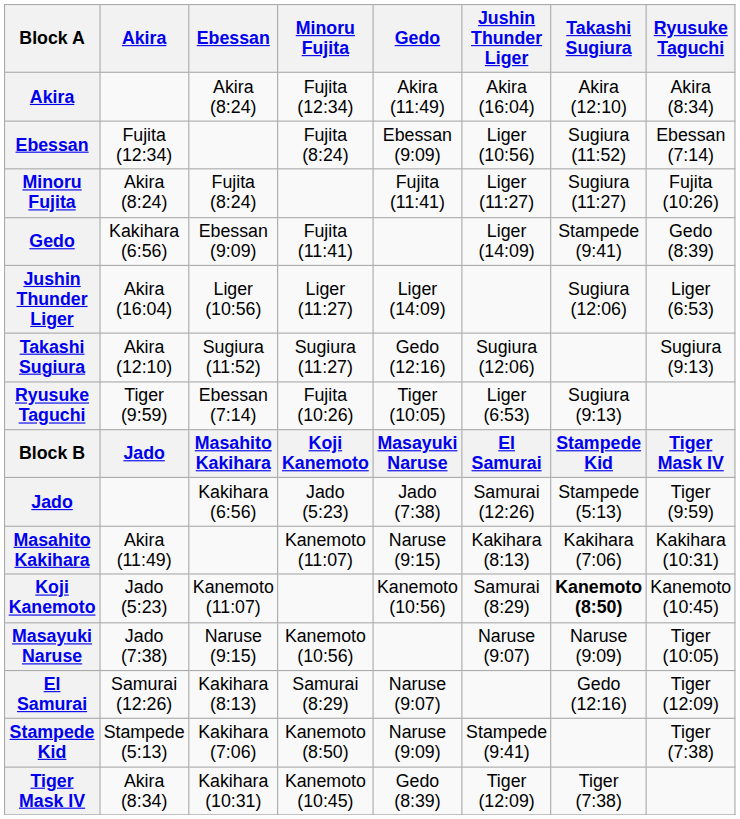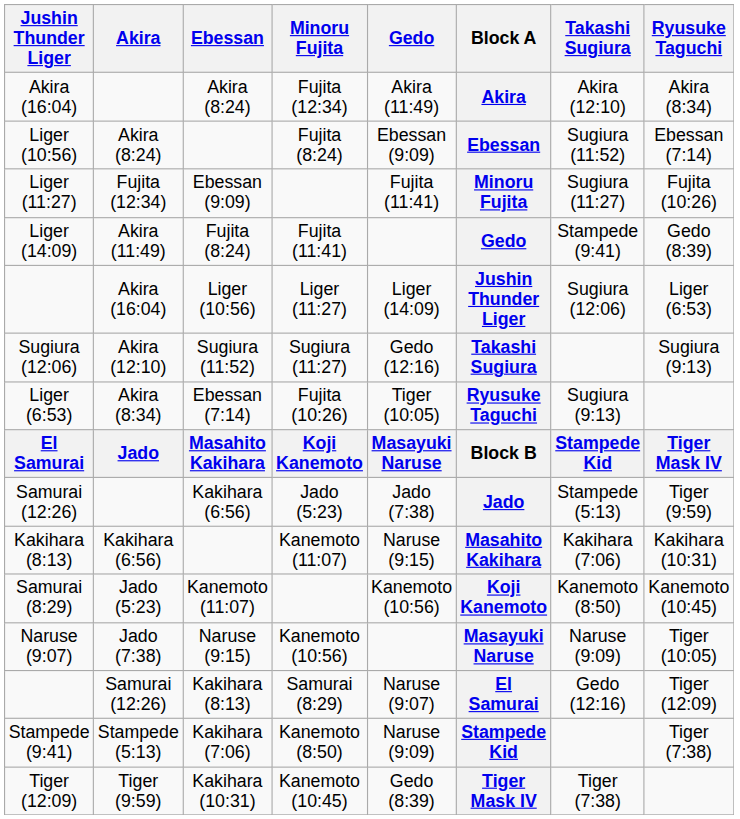 <table class="wikitable" style="margin: 1em auto 1em auto">
 <tr align="center">
-<th>Block A</th>
+<th><a href='#'>Jushin Thunder Liger</a></th>
 <th><a href='#'>Akira</a></th>
 <th><a href='#'>Ebessan</a></th>
 <th><a href='#'>Minoru Fujita</a></th>
 <th><a href='#'>Gedo</a></th>
-<th><a href='#'>Jushin Thunder Liger</a></th>
+<th>Block A</th>
 <th><a href='#'>Takashi Sugiura</a></th>
 <th><a href='#'>Ryusuke Taguchi</a></th>
 </tr>
 <tr align="center">
-<th><a href='#'>Akira</a></th>
+<td>Akira<br>(16:04)</td>
 <td></td>
 <td>Akira<br>(8:24)</td>
 <td>Fujita<br>(12:34)</td>
 <td>Akira<br>(11:49)</td>
-<td>Akira<br>(16:04)</td>
+<th><a href='#'>Akira</a></th>
 <td>Akira<br>(12:10)</td>
 <td>Akira<br>(8:34)</td>
 </tr>
 <tr align="center">
-<th><a href='#'>Ebessan</a></th>
-<td>Fujita<br>(12:34)</td>
+<td>Liger<br>(10:56)</td>
+<td>Akira<br>(8:24)</td>
 <td></td>
 <td>Fujita<br>(8:24)</td>
 <td>Ebessan<br>(9:09)</td>
-<td>Liger<br>(10:56)</td>
+<th><a href='#'>Ebessan</a></th>
 <td>Sugiura<br>(11:52)</td>
 <td>Ebessan<br>(7:14)</td>
 </tr>
 <tr align="center">
-<th><a href='#'>Minoru Fujita</a></th>
-<td>Akira<br>(8:24)</td>
-<td>Fujita<br>(8:24)</td>
+<td>Liger<br>(11:27)</td>
+<td>Fujita<br>(12:34)</td>
+<td>Ebessan<br>(9:09)</td>
 <td></td>
 <td>Fujita<br>(11:41)</td>
-<td>Liger<br>(11:27)</td>
+<th><a href='#'>Minoru Fujita</a></th>
 <td>Sugiura<br>(11:27)</td>
 <td>Fujita<br>(10:26)</td>
 </tr>
 <tr align="center">
-<th><a href='#'>Gedo</a></th>
-<td>Kakihara<br>(6:56)</td>
-<td>Ebessan<br>(9:09)</td>
+<td>Liger<br>(14:09)</td>
+<td>Akira<br>(11:49)</td>
+<td>Fujita<br>(8:24)</td>
 <td>Fujita<br>(11:41)</td>
 <td></td>
-<td>Liger<br>(14:09)</td>
+<th><a href='#'>Gedo</a></th>
 <td>Stampede<br>(9:41)</td>
 <td>Gedo<br>(8:39)</td>
 </tr>
 <tr align="center">
-<th><a href='#'>Jushin Thunder Liger</a></th>
+<td></td>
 <td>Akira<br>(16:04)</td>
 <td>Liger<br>(10:56)</td>
 <td>Liger<br>(11:27)</td>
 <td>Liger<br>(14:09)</td>
-<td></td>
+<th><a href='#'>Jushin Thunder Liger</a></th>
 <td>Sugiura<br>(12:06)</td>
 <td>Liger<br>(6:53)</td>
 </tr>
 <tr align="center">
-<th><a href='#'>Takashi Sugiura</a></th>
+<td>Sugiura<br>(12:06)</td>
 <td>Akira<br>(12:10)</td>
 <td>Sugiura<br>(11:52)</td>
 <td>Sugiura<br>(11:27)</td>
 <td>Gedo<br>(12:16)</td>
-<td>Sugiura<br>(12:06)</td>
+<th><a href='#'>Takashi Sugiura</a></th>
 <td></td>
 <td>Sugiura<br>(9:13)</td>
 </tr>
 <tr align="center">
-<th><a href='#'>Ryusuke Taguchi</a></th>
-<td>Tiger<br>(9:59)</td>
+<td>Liger<br>(6:53)</td>
+<td>Akira<br>(8:34)</td>
 <td>Ebessan<br>(7:14)</td>
 <td>Fujita<br>(10:26)</td>
 <td>Tiger<br>(10:05)</td>
-<td>Liger<br>(6:53)</td>
+<th><a href='#'>Ryusuke Taguchi</a></th>
 <td>Sugiura<br>(9:13)</td>
 <td></td>
 </tr>
 <tr align="center">
-<th>Block B</th>
+<th><a href='#'>El Samurai</a></th>
 <th><a href='#'>Jado</a></th>
 <th><a href='#'>Masahito Kakihara</a></th>
 <th><a href='#'>Koji Kanemoto</a></th>
 <th><a href='#'>Masayuki Naruse</a></th>
-<th><a href='#'>El Samurai</a></th>
+<th>Block B</th>
 <th><a href='#'>Stampede Kid</a></th>
 <th><a href='#'>Tiger Mask IV</a></th>
 </tr>
 <tr align="center">
-<th><a href='#'>Jado</a></th>
+<td>Samurai<br>(12:26)</td>
 <td></td>
 <td>Kakihara<br>(6:56)</td>
 <td>Jado<br>(5:23)</td>
 <td>Jado<br>(7:38)</td>
-<td>Samurai<br>(12:26)</td>
+<th><a href='#'>Jado</a></th>
 <td>Stampede<br>(5:13)</td>
 <td>Tiger<br>(9:59)</td>
 </tr>
 <tr align="center">
-<th><a href='#'>Masahito Kakihara</a></th>
-<td>Akira<br>(11:49)</td>
+<td>Kakihara<br>(8:13)</td>
+<td>Kakihara<br>(6:56)</td>
 <td></td>
 <td>Kanemoto<br>(11:07)</td>
 <td>Naruse<br>(9:15)</td>
-<td>Kakihara<br>(8:13)</td>
+<th><a href='#'>Masahito Kakihara</a></th>
 <td>Kakihara<br>(7:06)</td>
 <td>Kakihara<br>(10:31)</td>
 </tr>
 <tr align="center">
-<th><a href='#'>Koji Kanemoto</a></th>
+<td>Samurai<br>(8:29)</td>
 <td>Jado<br>(5:23)</td>
 <td>Kanemoto<br>(11:07)</td>
 <td></td>
 <td>Kanemoto<br>(10:56)</td>
-<td>Samurai<br>(8:29)</td>
-<td><strong>Kanemoto<br>(8:50)</strong></td>
+<th><a href='#'>Koji Kanemoto</a></th>
+<td>Kanemoto<br>(8:50)</td>
 <td>Kanemoto<br>(10:45)</td>
 </tr>
 <tr align="center">
-<th><a href='#'>Masayuki Naruse</a></th>
+<td>Naruse<br>(9:07)</td>
 <td>Jado<br>(7:38)</td>
 <td>Naruse<br>(9:15)</td>
 <td>Kanemoto<br>(10:56)</td>
 <td></td>
-<td>Naruse<br>(9:07)</td>
+<th><a href='#'>Masayuki Naruse</a></th>
 <td>Naruse<br>(9:09)</td>
 <td>Tiger<br>(10:05)</td>
 </tr>
 <tr align="center">
-<th><a href='#'>El Samurai</a></th>
+<td></td>
 <td>Samurai<br>(12:26)</td>
 <td>Kakihara<br>(8:13)</td>
 <td>Samurai<br>(8:29)</td>
 <td>Naruse<br>(9:07)</td>
-<td></td>
+<th><a href='#'>El Samurai</a></th>
 <td>Gedo<br>(12:16)</td>
 <td>Tiger<br>(12:09)</td>
 </tr>
 <tr align="center">
-<th><a href='#'>Stampede Kid</a></th>
+<td>Stampede<br>(9:41)</td>
 <td>Stampede<br>(5:13)</td>
 <td>Kakihara<br>(7:06)</td>
 <td>Kanemoto<br>(8:50)</td>
 <td>Naruse<br>(9:09)</td>
-<td>Stampede<br>(9:41)</td>
+<th><a href='#'>Stampede Kid</a></th>
 <td></td>
 <td>Tiger<br>(7:38)</td>
 </tr>
 <tr align="center">
-<th><a href='#'>Tiger Mask IV</a></th>
-<td>Akira<br>(8:34)</td>
+<td>Tiger<br>(12:09)</td>
+<td>Tiger<br>(9:59)</td>
 <td>Kakihara<br>(10:31)</td>
 <td>Kanemoto<br>(10:45)</td>
 <td>Gedo<br>(8:39)</td>
-<td>Tiger<br>(12:09)</td>
+<th><a href='#'>Tiger Mask IV</a></th>
 <td>Tiger<br>(7:38)</td>
 <td></td>
 </tr>
 </table>
